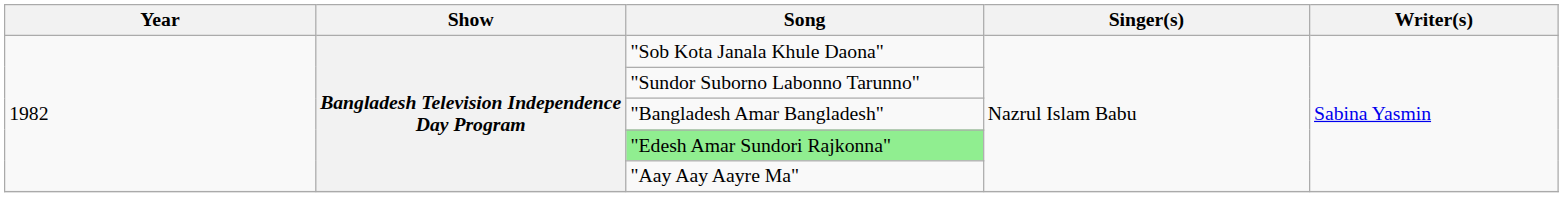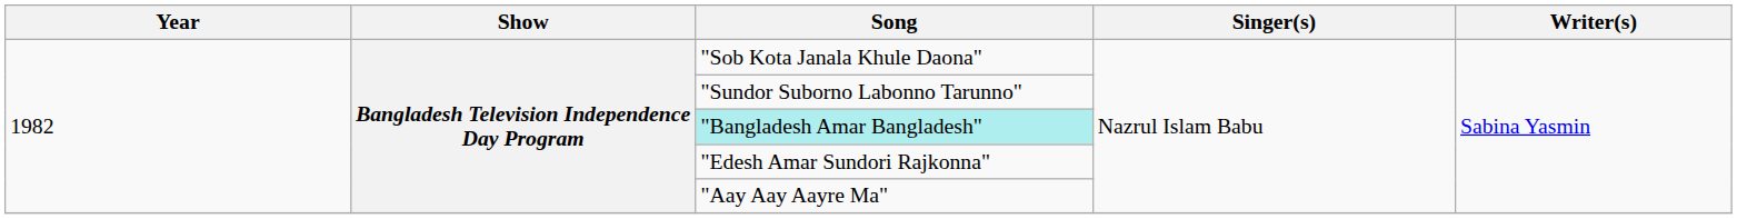 <table class="wikitable plainrowheaders" width="100%" textcolor:#000;">
 <tr>
 <th scope="col" width=20%><strong>Year</strong></th>
 <th scope="col" width=20%><strong>Show</strong></th>
 <th scope="col" width=23%><strong>Song</strong></th>
 <th scope="col" width=21%><strong>Singer(s)</strong></th>
 <th scope="col" width=17%><strong>Writer(s)</strong></th>
 </tr>
 <tr>
 <td rowspan=5>1982</td>
 <th Rowspan=5><em>Bangladesh Television Independence Day Program</em></th>
 <td>"Sob Kota Janala Khule Daona"</td>
 <td rowspan=5>Nazrul Islam Babu</td>
 <td rowspan=5><a href='#'>Sabina Yasmin</a></td>
 </tr>
 <tr>
 <td>"Sundor Suborno Labonno Tarunno"</td>
 </tr>
 <tr>
-<td>"Bangladesh Amar Bangladesh"</td>
+<td style="background: paleturquoise;">"Bangladesh Amar Bangladesh"</td>
 </tr>
 <tr>
-<td style="background: lightgreen;">"Edesh Amar Sundori Rajkonna"</td>
+<td>"Edesh Amar Sundori Rajkonna"</td>
 </tr>
 <tr>
 <td>"Aay Aay Aayre Ma"</td>
 </tr>
 <tr>
 </tr>
 </table>
